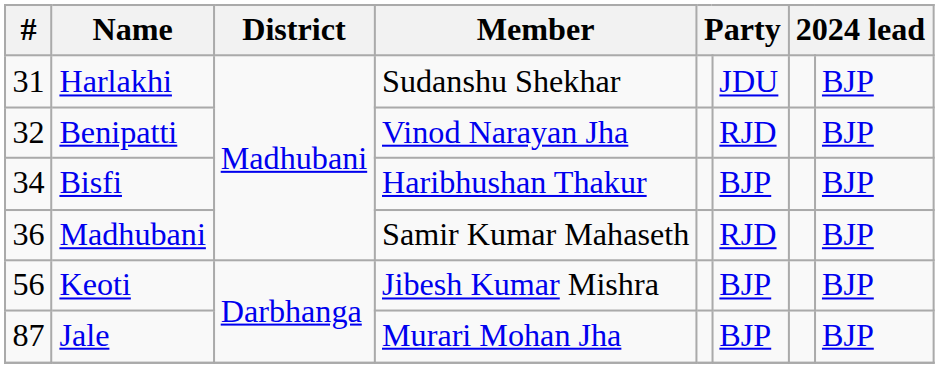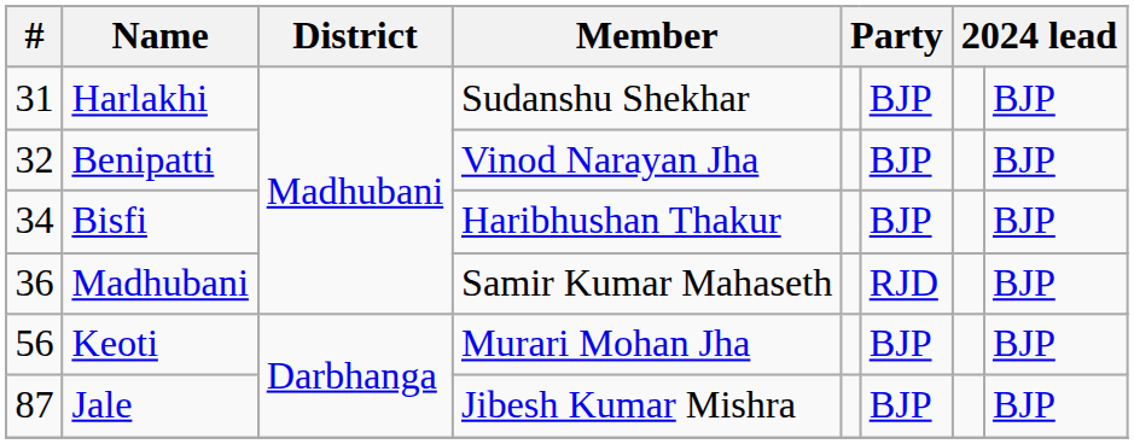 <table class="wikitable">
 <tr>
 <th>#</th>
 <th>Name</th>
 <th>District</th>
 <th>Member</th>
 <th colspan="2">Party</th>
 <th colspan="2">2024 lead</th>
 </tr>
 <tr>
 <td>31</td>
 <td><a href='#'>Harlakhi</a></td>
 <td rowspan="4"><a href='#'>Madhubani</a></td>
 <td>Sudanshu Shekhar</td>
 <td style="background-color: "></td>
-<td><a href='#'>JDU</a></td>
+<td><a href='#'>BJP</a></td>
 <td style="background-color: "></td>
 <td><a href='#'>BJP</a></td>
 </tr>
 <tr>
 <td>32</td>
 <td><a href='#'>Benipatti</a></td>
 <td><a href='#'>Vinod Narayan Jha</a></td>
 <td style="background-color: "></td>
-<td><a href='#'>RJD</a></td>
+<td><a href='#'>BJP</a></td>
 <td style="background-color: "></td>
 <td><a href='#'>BJP</a></td>
 </tr>
 <tr>
 <td>34</td>
 <td><a href='#'>Bisfi</a></td>
 <td><a href='#'>Haribhushan Thakur</a></td>
 <td style="background-color: "></td>
 <td><a href='#'>BJP</a></td>
 <td style="background-color: "></td>
 <td><a href='#'>BJP</a></td>
 </tr>
 <tr>
 <td>36</td>
 <td><a href='#'>Madhubani</a></td>
 <td>Samir Kumar Mahaseth</td>
 <td style="background-color: "></td>
 <td><a href='#'>RJD</a></td>
 <td style="background-color: "></td>
 <td><a href='#'>BJP</a></td>
 </tr>
 <tr>
 <td>56</td>
 <td><a href='#'>Keoti</a></td>
 <td rowspan="2"><a href='#'>Darbhanga</a></td>
-<td><a href='#'>Jibesh Kumar</a> Mishra</td>
+<td><a href='#'>Murari Mohan Jha</a></td>
 <td style="background-color: "></td>
 <td><a href='#'>BJP</a></td>
 <td style="background-color: "></td>
 <td><a href='#'>BJP</a></td>
 </tr>
 <tr>
 <td>87</td>
 <td><a href='#'>Jale</a></td>
-<td><a href='#'>Murari Mohan Jha</a></td>
+<td><a href='#'>Jibesh Kumar</a> Mishra</td>
 <td style="background-color: "></td>
 <td><a href='#'>BJP</a></td>
 <td style="background-color: "></td>
 <td><a href='#'>BJP</a></td>
 </tr>
 <tr>
 </tr>
 </table>
